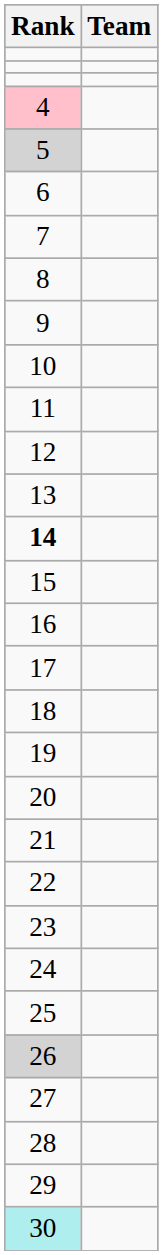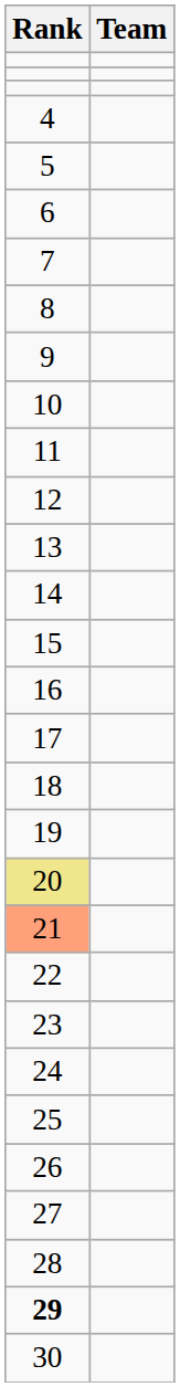 <table class="wikitable">
 <tr>
 <th>Rank</th>
 <th>Team</th>
 </tr>
 <tr>
 <td align=center></td>
 <td></td>
 </tr>
 <tr>
 <td align=center></td>
 <td></td>
 </tr>
 <tr>
 <td align=center></td>
 <td></td>
 </tr>
 <tr>
-<td align=center style="background: pink;">4</td>
+<td align=center>4</td>
 <td></td>
 </tr>
 <tr>
-<td align=center style="background: lightgrey;">5</td>
+<td align=center>5</td>
 <td></td>
 </tr>
 <tr>
 <td align=center>6</td>
 <td></td>
 </tr>
 <tr>
 <td align=center>7</td>
 <td></td>
 </tr>
 <tr>
 <td align=center>8</td>
 <td></td>
 </tr>
 <tr>
 <td align=center>9</td>
 <td></td>
 </tr>
 <tr>
 <td align=center>10</td>
 <td></td>
 </tr>
 <tr>
 <td align=center>11</td>
 <td></td>
 </tr>
 <tr>
 <td align=center>12</td>
 <td></td>
 </tr>
 <tr>
 <td align=center>13</td>
 <td></td>
 </tr>
 <tr>
-<td align=center><strong>14</strong></td>
+<td align=center>14</td>
 <td></td>
 </tr>
 <tr>
 <td align=center>15</td>
 <td></td>
 </tr>
 <tr>
 <td align=center>16</td>
 <td></td>
 </tr>
 <tr>
 <td align=center>17</td>
 <td></td>
 </tr>
 <tr>
 <td align=center>18</td>
 <td></td>
 </tr>
 <tr>
 <td align=center>19</td>
 <td></td>
 </tr>
 <tr>
-<td align=center>20</td>
+<td align=center style="background: khaki;">20</td>
 <td></td>
 </tr>
 <tr>
-<td align=center>21</td>
+<td align=center style="background: lightsalmon;">21</td>
 <td></td>
 </tr>
 <tr>
 <td align=center>22</td>
 <td></td>
 </tr>
 <tr>
 <td align=center>23</td>
 <td></td>
 </tr>
 <tr>
 <td align=center>24</td>
 <td></td>
 </tr>
 <tr>
 <td align=center>25</td>
 <td></td>
 </tr>
 <tr>
-<td align=center style="background: lightgrey;">26</td>
+<td align=center>26</td>
 <td></td>
 </tr>
 <tr>
 <td align=center>27</td>
 <td></td>
 </tr>
 <tr>
 <td align=center>28</td>
 <td></td>
 </tr>
 <tr>
-<td align=center>29</td>
+<td align=center><strong>29</strong></td>
 <td></td>
 </tr>
 <tr>
-<td align=center style="background: paleturquoise;">30</td>
+<td align=center>30</td>
 <td></td>
 </tr>
 </table>
